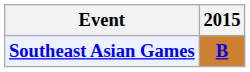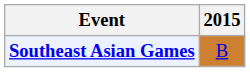 <table class="wikitable" style="font-size: 90%; text-align:center">
 <tr>
 <th>Event</th>
 <th>2015</th>
 </tr>
 <tr>
 <td bgcolor="#ECF2FF"; align="left"><strong><a href='#'>Southeast Asian Games</a></strong></td>
-<td bgcolor=CD7F32><strong><a href='#'>B</a></strong></td>
+<td bgcolor=CD7F32><a href='#'>B</a></td>
 </tr>
 </table>
